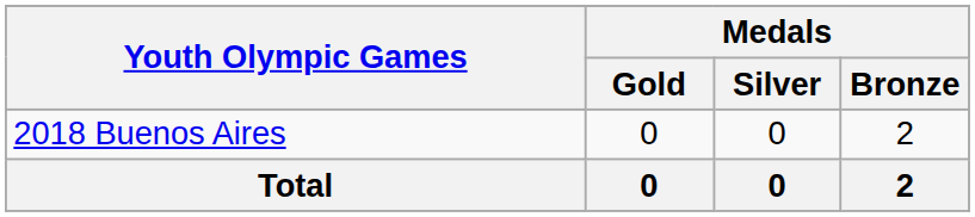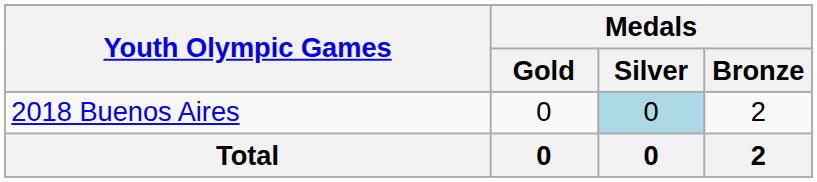 <table class="wikitable collapsible" cellspacing="2" style="margin-top:7px; margin-right:0; text-align:center; font-size:90%;">
 <tr style="font-size:100%; text-align:right;">
 </tr>
 <tr>
 <th rowspan=2 style="width:250px;"><a href='#'>Youth Olympic Games</a></th>
 <th colspan=3>Medals</th>
 </tr>
 <tr>
 <th style="width:50px;">Gold</th>
 <th style="width:50px;">Silver</th>
 <th style="width:50px;">Bronze</th>
 </tr>
 <tr>
 <td align=left> <a href='#'>2018 Buenos Aires</a></td>
 <td>0</td>
-<td>0</td>
+<td style="background: lightblue;">0</td>
 <td>2</td>
 </tr>
 <tr>
 <th>Total</th>
 <th>0</th>
 <th>0</th>
 <th>2</th>
 </tr>
 </table>
